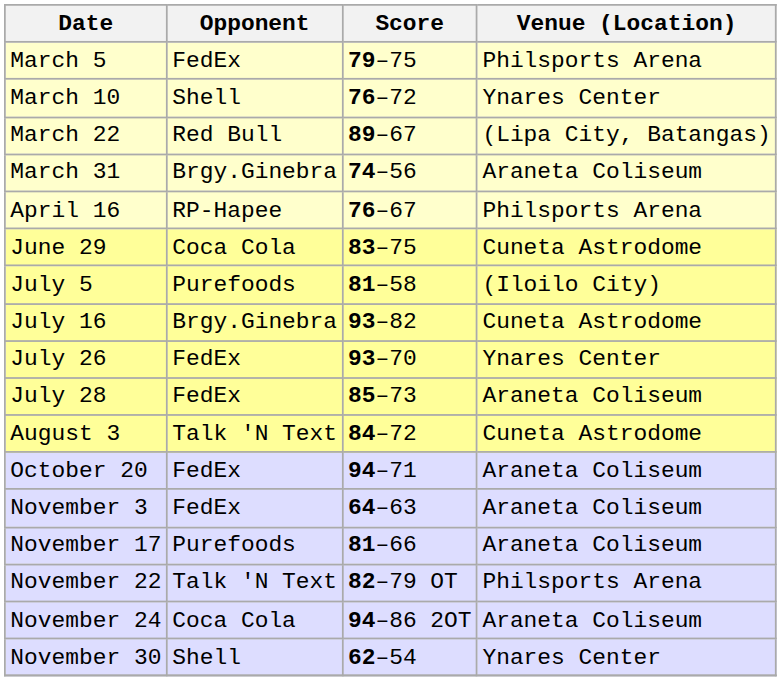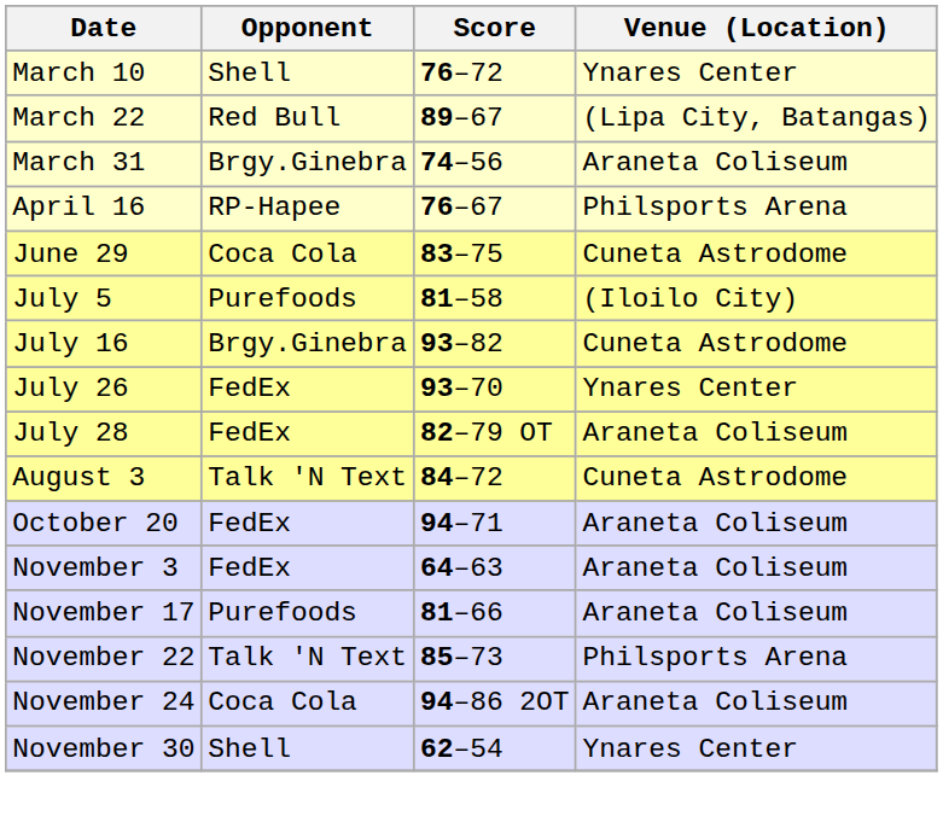 <table class="wikitable sortable sortable">
 <tr>
 <th>Date</th>
 <th>Opponent</th>
 <th>Score</th>
 <th>Venue (Location)</th>
-</tr>
-<tr bgcolor=#FFFFCC>
-<td>March 5</td>
-<td>FedEx</td>
-<td><strong>79</strong>–75</td>
-<td>Philsports Arena</td>
 </tr>
 <tr bgcolor=#FFFFCC>
 <td>March 10</td>
 <td>Shell</td>
 <td><strong>76</strong>–72</td>
 <td>Ynares Center</td>
 </tr>
 <tr bgcolor=#FFFFCC>
 <td>March 22</td>
 <td>Red Bull</td>
 <td><strong>89</strong>–67</td>
 <td>(Lipa City, Batangas)</td>
 </tr>
 <tr bgcolor=#FFFFCC>
 <td>March 31</td>
 <td>Brgy.Ginebra</td>
 <td><strong>74</strong>–56</td>
 <td>Araneta Coliseum</td>
 </tr>
 <tr bgcolor=#FFFFCC>
 <td>April 16</td>
 <td>RP-Hapee</td>
 <td><strong>76</strong>–67</td>
 <td>Philsports Arena </td>
 </tr>
 <tr bgcolor=#FFFF99>
 <td>June 29</td>
 <td>Coca Cola</td>
 <td><strong>83</strong>–75</td>
 <td>Cuneta Astrodome</td>
 </tr>
 <tr bgcolor=#FFFF99>
 <td>July 5</td>
 <td>Purefoods</td>
 <td><strong>81</strong>–58</td>
 <td>(Iloilo City)</td>
 </tr>
 <tr bgcolor=#FFFF99>
 <td>July 16</td>
 <td>Brgy.Ginebra</td>
 <td><strong>93</strong>–82</td>
 <td>Cuneta Astrodome</td>
 </tr>
 <tr bgcolor=#FFFF99>
 <td>July 26</td>
 <td>FedEx</td>
 <td><strong>93</strong>–70</td>
 <td>Ynares Center</td>
 </tr>
 <tr bgcolor=#FFFF99>
 <td>July 28</td>
 <td>FedEx</td>
-<td><strong>85</strong>–73</td>
+<td><strong>82</strong>–79 OT</td>
 <td>Araneta Coliseum </td>
 </tr>
 <tr bgcolor=#FFFF99>
 <td>August 3</td>
 <td>Talk 'N Text</td>
 <td><strong>84</strong>–72</td>
 <td>Cuneta Astrodome</td>
 </tr>
 <tr bgcolor=#DDDDFF>
 <td>October 20</td>
 <td>FedEx</td>
 <td><strong>94</strong>–71</td>
 <td>Araneta Coliseum</td>
 </tr>
 <tr bgcolor=#DDDDFF>
 <td>November 3</td>
 <td>FedEx</td>
 <td><strong>64</strong>–63</td>
 <td>Araneta Coliseum</td>
 </tr>
 <tr bgcolor=#DDDDFF>
 <td>November 17</td>
 <td>Purefoods</td>
 <td><strong>81</strong>–66</td>
 <td>Araneta Coliseum </td>
 </tr>
 <tr bgcolor=#DDDDFF>
 <td>November 22</td>
 <td>Talk 'N Text</td>
-<td><strong>82</strong>–79 OT</td>
+<td><strong>85</strong>–73</td>
 <td>Philsports Arena</td>
 </tr>
 <tr bgcolor=#DDDDFF>
 <td>November 24</td>
 <td>Coca Cola</td>
 <td><strong>94</strong>–86 2OT</td>
 <td>Araneta Coliseum</td>
 </tr>
 <tr bgcolor=#DDDDFF>
 <td>November 30</td>
 <td>Shell</td>
 <td><strong>62</strong>–54</td>
 <td>Ynares Center</td>
 </tr>
 <tr>
 </tr>
 </table>
